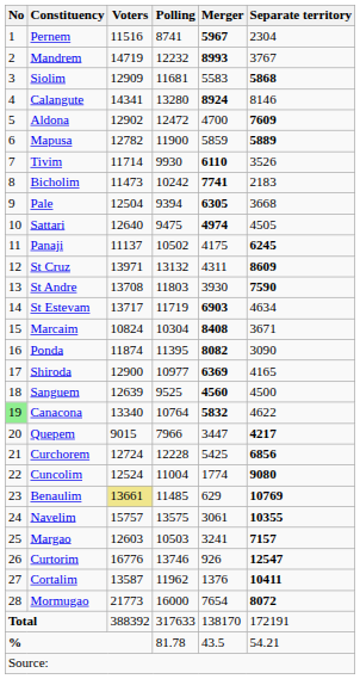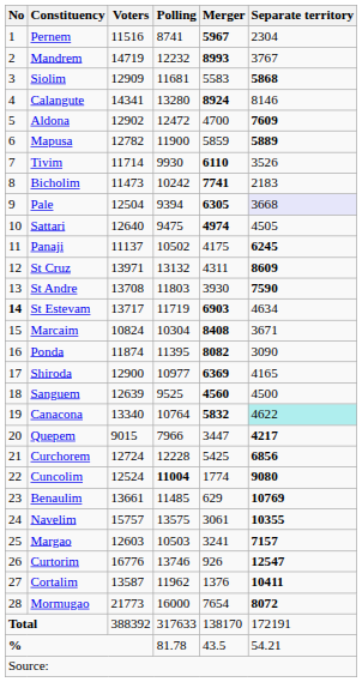 <table class="wikitable sortable">
 <tr>
 <th>No</th>
 <th>Constituency</th>
 <th>Voters</th>
 <th>Polling</th>
 <th>Merger</th>
 <th>Separate territory</th>
 </tr>
 <tr>
 <td>1</td>
 <td><a href='#'>Pernem</a></td>
 <td>11516</td>
 <td>8741</td>
 <td><strong>5967</strong></td>
 <td>2304</td>
 </tr>
 <tr>
 <td>2</td>
 <td><a href='#'>Mandrem</a></td>
 <td>14719</td>
 <td>12232</td>
 <td><strong>8993</strong></td>
 <td>3767</td>
 </tr>
 <tr>
 <td>3</td>
 <td><a href='#'>Siolim</a></td>
 <td>12909</td>
 <td>11681</td>
 <td>5583</td>
 <td><strong>5868</strong></td>
 </tr>
 <tr>
 <td>4</td>
 <td><a href='#'>Calangute</a></td>
 <td>14341</td>
 <td>13280</td>
 <td><strong>8924</strong></td>
 <td>8146</td>
 </tr>
 <tr>
 <td>5</td>
 <td><a href='#'>Aldona</a></td>
 <td>12902</td>
 <td>12472</td>
 <td>4700</td>
 <td><strong>7609</strong></td>
 </tr>
 <tr>
 <td>6</td>
 <td><a href='#'>Mapusa</a></td>
 <td>12782</td>
 <td>11900</td>
 <td>5859</td>
 <td><strong>5889</strong></td>
 </tr>
 <tr>
 <td>7</td>
 <td><a href='#'>Tivim</a></td>
 <td>11714</td>
 <td>9930</td>
 <td><strong>6110</strong></td>
 <td>3526</td>
 </tr>
 <tr>
 <td>8</td>
 <td><a href='#'>Bicholim</a></td>
 <td>11473</td>
 <td>10242</td>
 <td><strong>7741</strong></td>
 <td>2183</td>
 </tr>
 <tr>
 <td>9</td>
 <td><a href='#'>Pale</a></td>
 <td>12504</td>
 <td>9394</td>
 <td><strong>6305</strong></td>
-<td>3668</td>
+<td style="background: lavender;">3668</td>
 </tr>
 <tr>
 <td>10</td>
 <td><a href='#'>Sattari</a></td>
 <td>12640</td>
 <td>9475</td>
 <td><strong>4974</strong></td>
 <td>4505</td>
 </tr>
 <tr>
 <td>11</td>
 <td><a href='#'>Panaji</a></td>
 <td>11137</td>
 <td>10502</td>
 <td>4175</td>
 <td><strong>6245</strong></td>
 </tr>
 <tr>
 <td>12</td>
 <td><a href='#'>St Cruz</a></td>
 <td>13971</td>
 <td>13132</td>
 <td>4311</td>
 <td><strong>8609</strong></td>
 </tr>
 <tr>
 <td>13</td>
 <td><a href='#'>St Andre</a></td>
 <td>13708</td>
 <td>11803</td>
 <td>3930</td>
 <td><strong>7590</strong></td>
 </tr>
 <tr>
-<td>14</td>
+<td><strong>14</strong></td>
 <td><a href='#'>St Estevam</a></td>
 <td>13717</td>
 <td>11719</td>
 <td><strong>6903</strong></td>
 <td>4634</td>
 </tr>
 <tr>
 <td>15</td>
 <td><a href='#'>Marcaim</a></td>
 <td>10824</td>
 <td>10304</td>
 <td><strong>8408</strong></td>
 <td>3671</td>
 </tr>
 <tr>
 <td>16</td>
 <td><a href='#'>Ponda</a></td>
 <td>11874</td>
 <td>11395</td>
 <td><strong>8082</strong></td>
 <td>3090</td>
 </tr>
 <tr>
 <td>17</td>
 <td><a href='#'>Shiroda</a></td>
 <td>12900</td>
 <td>10977</td>
 <td><strong>6369</strong></td>
 <td>4165</td>
 </tr>
 <tr>
 <td>18</td>
 <td><a href='#'>Sanguem</a></td>
 <td>12639</td>
 <td>9525</td>
 <td><strong>4560</strong></td>
 <td>4500</td>
 </tr>
 <tr>
-<td style="background: lightgreen;">19</td>
+<td>19</td>
 <td><a href='#'>Canacona</a></td>
 <td>13340</td>
 <td>10764</td>
 <td><strong>5832</strong></td>
-<td>4622</td>
+<td style="background: paleturquoise;">4622</td>
 </tr>
 <tr>
 <td>20</td>
 <td><a href='#'>Quepem</a></td>
 <td>9015</td>
 <td>7966</td>
 <td>3447</td>
 <td><strong>4217</strong></td>
 </tr>
 <tr>
 <td>21</td>
 <td><a href='#'>Curchorem</a></td>
 <td>12724</td>
 <td>12228</td>
 <td>5425</td>
 <td><strong>6856</strong></td>
 </tr>
 <tr>
 <td>22</td>
 <td><a href='#'>Cuncolim</a></td>
 <td>12524</td>
-<td>11004</td>
+<td><strong>11004</strong></td>
 <td>1774</td>
 <td><strong>9080</strong></td>
 </tr>
 <tr>
 <td>23</td>
 <td><a href='#'>Benaulim</a></td>
-<td style="background: khaki;">13661</td>
+<td>13661</td>
 <td>11485</td>
 <td>629</td>
 <td><strong>10769</strong></td>
 </tr>
 <tr>
 <td>24</td>
 <td><a href='#'>Navelim</a></td>
 <td>15757</td>
 <td>13575</td>
 <td>3061</td>
 <td><strong>10355</strong></td>
 </tr>
 <tr>
 <td>25</td>
 <td><a href='#'>Margao</a></td>
 <td>12603</td>
 <td>10503</td>
 <td>3241</td>
 <td><strong>7157</strong></td>
 </tr>
 <tr>
 <td>26</td>
 <td><a href='#'>Curtorim</a></td>
 <td>16776</td>
 <td>13746</td>
 <td>926</td>
 <td><strong>12547</strong></td>
 </tr>
 <tr>
 <td>27</td>
 <td><a href='#'>Cortalim</a></td>
 <td>13587</td>
 <td>11962</td>
 <td>1376</td>
 <td><strong>10411</strong></td>
 </tr>
 <tr>
 <td>28</td>
 <td><a href='#'>Mormugao</a></td>
 <td>21773</td>
 <td>16000</td>
 <td>7654</td>
 <td><strong>8072</strong></td>
 </tr>
 <tr>
 <td colspan="2"><strong>Total</strong></td>
 <td>388392</td>
 <td>317633</td>
 <td>138170</td>
 <td>172191</td>
 </tr>
 <tr>
 <td colspan="3"><strong>%</strong></td>
 <td>81.78</td>
 <td>43.5</td>
 <td>54.21</td>
 </tr>
 <tr>
 <td colspan="6">Source: </td>
 </tr>
 </table>
